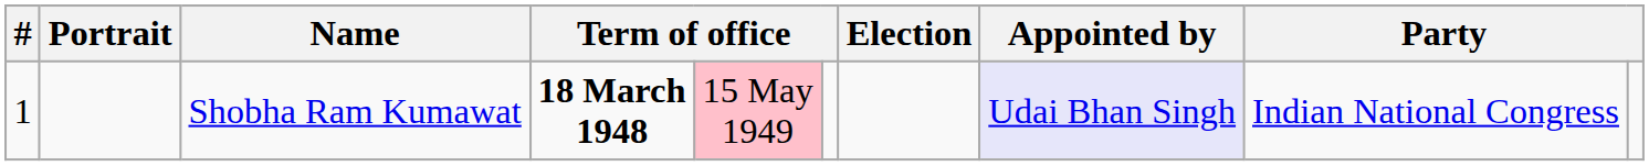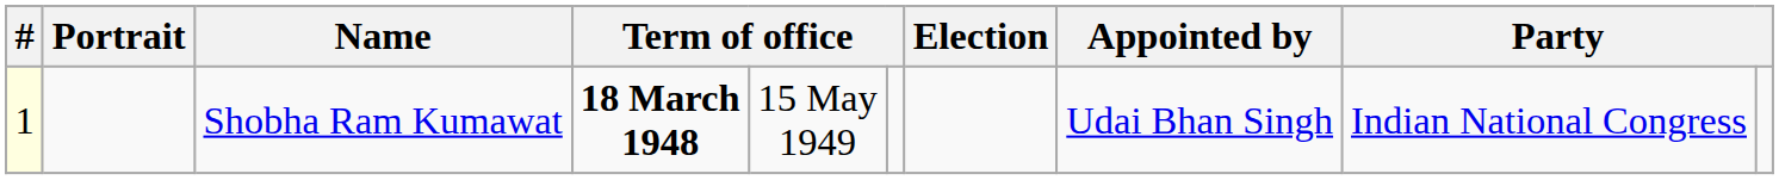 <table class="wikitable" style="text-align:center">
 <tr>
 <th>#</th>
 <th>Portrait</th>
 <th>Name</th>
 <th colspan="3">Term of office</th>
 <th>Election<br></th>
 <th>Appointed by</th>
 <th colspan="2">Party</th>
 </tr>
 <tr>
-<td>1</td>
+<td style="background: lightyellow;">1</td>
 <td></td>
 <td><a href='#'>Shobha Ram Kumawat</a></td>
 <td><strong>18 March<br>1948</strong></td>
-<td style="background: pink;">15 May<br>1949</td>
+<td>15 May<br>1949</td>
 <td></td>
 <td></td>
-<td style="background: lavender;"><a href='#'>Udai Bhan Singh</a><br></td>
+<td><a href='#'>Udai Bhan Singh</a><br></td>
 <td><a href='#'>Indian National Congress</a></td>
 <td style="background-color: "></td>
 </tr>
 </table>
